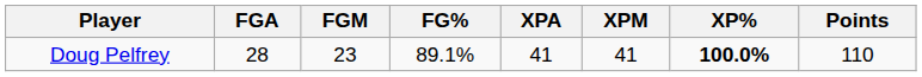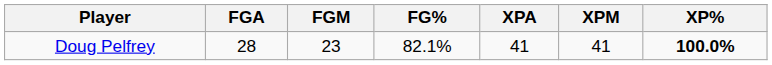 <table class="wikitable" style="text-align:center;" width="80%">
 <tr>
 <th>Player</th>
 <th>FGA</th>
 <th>FGM</th>
 <th>FG%</th>
 <th>XPA</th>
 <th>XPM</th>
 <th>XP%</th>
-<th>Points</th>
 </tr>
 <tr>
 <td><a href='#'>Doug Pelfrey</a></td>
 <td>28</td>
 <td>23</td>
-<td>89.1%</td>
+<td>82.1%</td>
 <td>41</td>
 <td>41</td>
 <td><strong>100.0%</strong></td>
-<td>110</td>
 </tr>
 </table>
